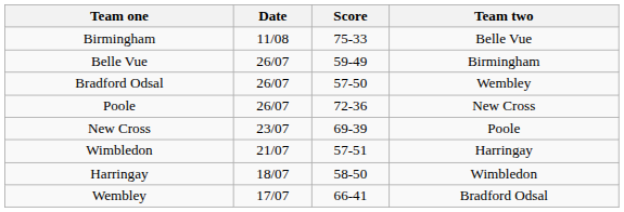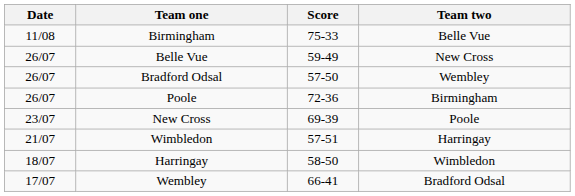 <table class="wikitable" style="text-align: center">
 <tr>
+<th width=80>Date</th>
 <th width=250>Team one</th>
-<th width=80>Date</th>
 <th width=80>Score</th>
 <th width=250>Team two</th>
 </tr>
 <tr>
+<td>11/08</td>
 <td>Birmingham</td>
-<td>11/08</td>
 <td>75-33</td>
 <td>Belle Vue</td>
 </tr>
 <tr>
+<td>26/07</td>
 <td>Belle Vue</td>
-<td>26/07</td>
 <td>59-49</td>
-<td>Birmingham</td>
+<td>New Cross</td>
 </tr>
 <tr>
+<td>26/07</td>
 <td>Bradford Odsal</td>
-<td>26/07</td>
 <td>57-50</td>
 <td>Wembley</td>
 </tr>
 <tr>
+<td>26/07</td>
 <td>Poole</td>
-<td>26/07</td>
 <td>72-36</td>
-<td>New Cross</td>
+<td>Birmingham</td>
 </tr>
 <tr>
+<td>23/07</td>
 <td>New Cross</td>
-<td>23/07</td>
 <td>69-39</td>
 <td>Poole</td>
 </tr>
 <tr>
+<td>21/07</td>
 <td>Wimbledon</td>
-<td>21/07</td>
 <td>57-51</td>
 <td>Harringay</td>
 </tr>
 <tr>
+<td>18/07</td>
 <td>Harringay</td>
-<td>18/07</td>
 <td>58-50</td>
 <td>Wimbledon</td>
 </tr>
 <tr>
+<td>17/07</td>
 <td>Wembley</td>
-<td>17/07</td>
 <td>66-41</td>
 <td>Bradford Odsal</td>
 </tr>
 </table>
